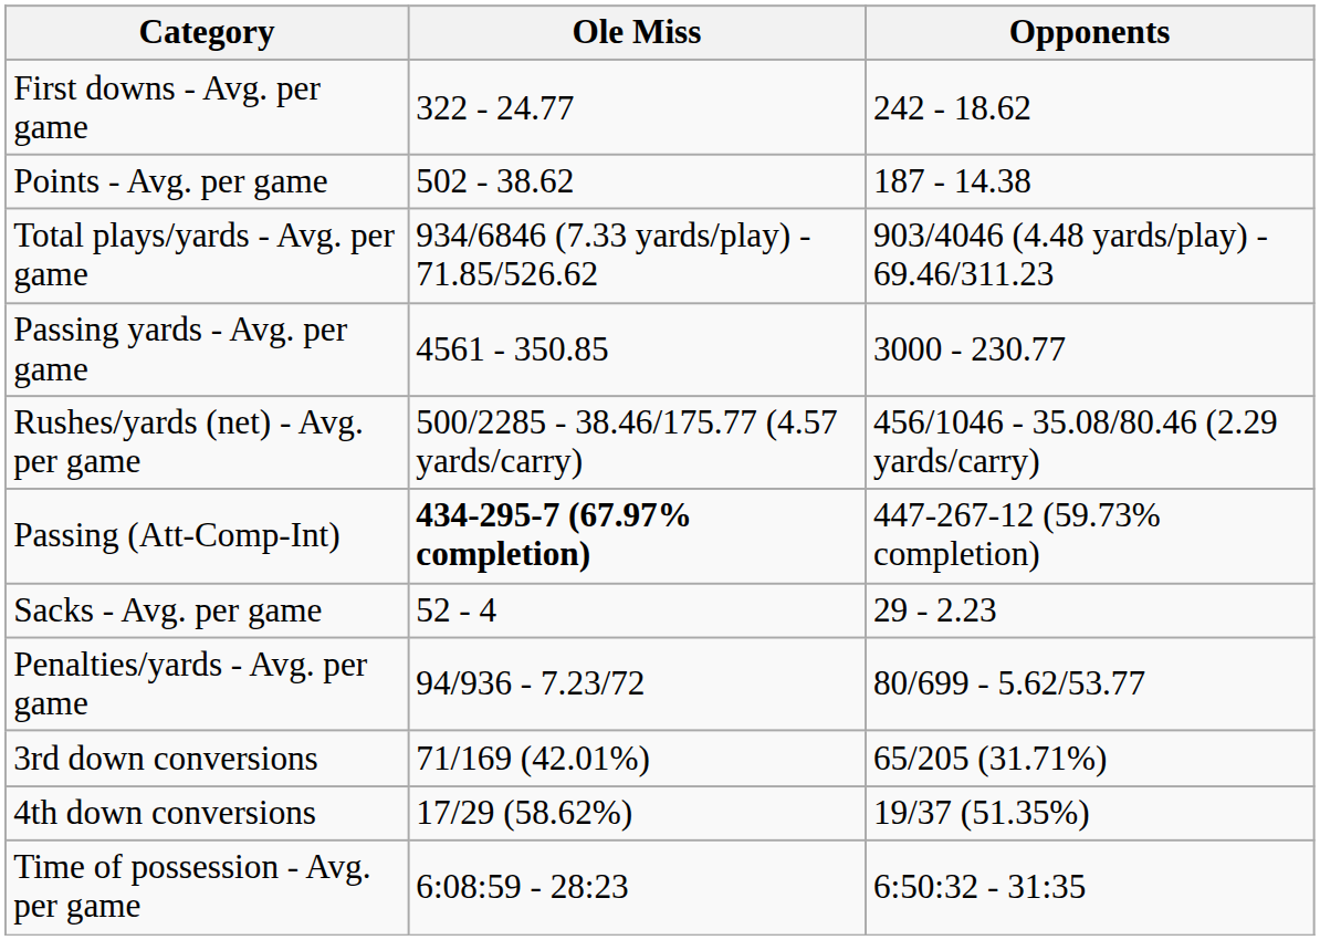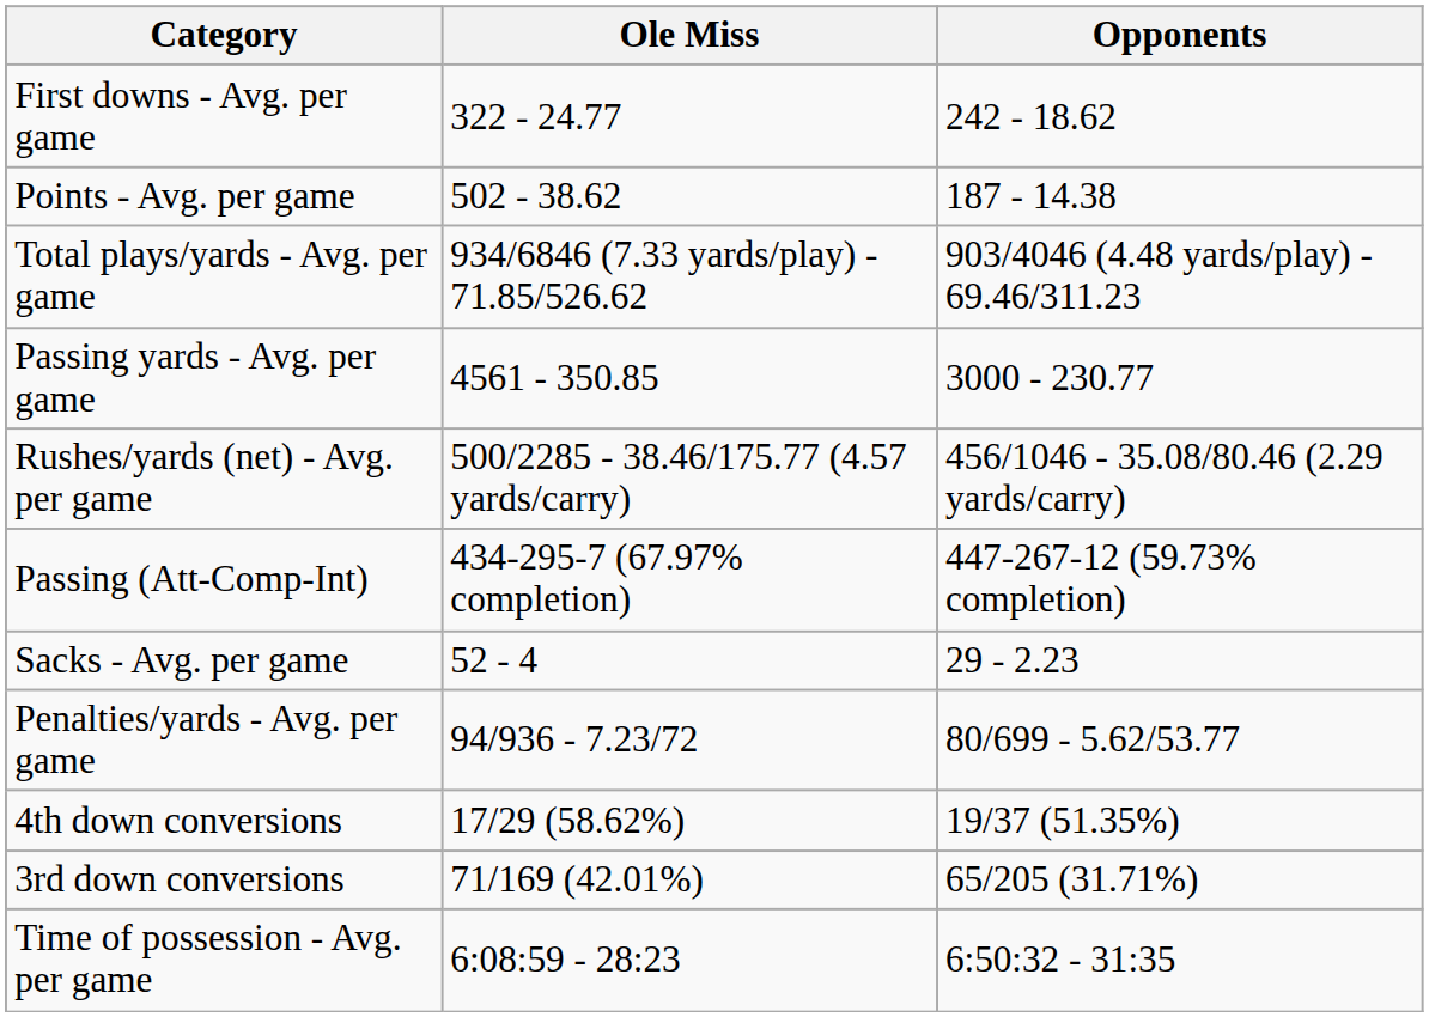 <table class="wikitable" style="float: left;">
 <tr>
 <th>Category</th>
 <th>Ole Miss</th>
 <th>Opponents</th>
 </tr>
 <tr>
 <td>First downs - Avg. per game</td>
 <td>322 - 24.77</td>
 <td>242 - 18.62</td>
 </tr>
 <tr>
 <td>Points - Avg. per game</td>
 <td>502 - 38.62</td>
 <td>187 - 14.38</td>
 </tr>
 <tr>
 <td>Total plays/yards - Avg. per game</td>
 <td>934/6846 (7.33 yards/play) - 71.85/526.62</td>
 <td>903/4046 (4.48 yards/play) - 69.46/311.23</td>
 </tr>
 <tr>
 <td>Passing yards - Avg. per game</td>
 <td>4561 - 350.85</td>
 <td>3000 - 230.77</td>
 </tr>
 <tr>
 <td>Rushes/yards (net) - Avg. per game</td>
 <td>500/2285 - 38.46/175.77 (4.57 yards/carry)</td>
 <td>456/1046 - 35.08/80.46 (2.29 yards/carry)</td>
 </tr>
 <tr>
 <td>Passing (Att-Comp-Int)</td>
-<td><strong>434-295-7 (67.97% completion)</strong></td>
+<td>434-295-7 (67.97% completion)</td>
 <td>447-267-12 (59.73% completion)</td>
 </tr>
 <tr>
 <td>Sacks - Avg. per game</td>
 <td>52 - 4</td>
 <td>29 - 2.23</td>
 </tr>
 <tr>
 <td>Penalties/yards - Avg. per game</td>
 <td>94/936 - 7.23/72</td>
 <td>80/699 - 5.62/53.77</td>
 </tr>
 <tr>
+<td>4th down conversions</td>
+<td>17/29 (58.62%)</td>
+<td>19/37 (51.35%)</td>
+</tr>
+<tr>
 <td>3rd down conversions</td>
 <td>71/169 (42.01%)</td>
 <td>65/205 (31.71%)</td>
-</tr>
-<tr>
-<td>4th down conversions</td>
-<td>17/29 (58.62%)</td>
-<td>19/37 (51.35%)</td>
 </tr>
 <tr>
 <td>Time of possession - Avg. per game</td>
 <td>6:08:59 - 28:23</td>
 <td>6:50:32 - 31:35</td>
 </tr>
 </table>
